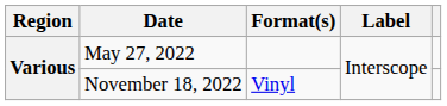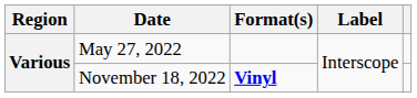 <table class="wikitable plainrowheaders">
 <tr>
 <th scope="col">Region</th>
 <th scope="col">Date</th>
 <th scope="col">Format(s)</th>
 <th scope="col">Label</th>
 <th scope="col"></th>
 </tr>
 <tr>
 <th rowspan="2" scope="row">Various</th>
 <td>May 27, 2022</td>
 <td></td>
 <td rowspan="2">Interscope</td>
 <td align="center"></td>
 </tr>
 <tr>
 <td>November 18, 2022</td>
-<td><a href='#'>Vinyl</a></td>
+<td><strong><a href='#'>Vinyl</a></strong></td>
 <td align="center"></td>
 </tr>
 </table>
